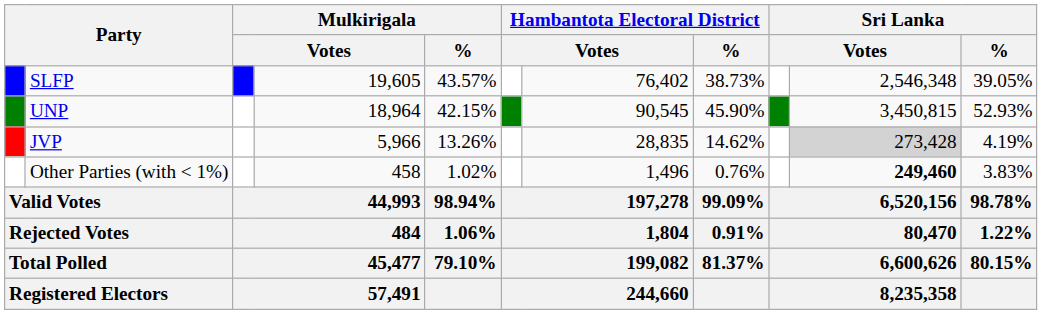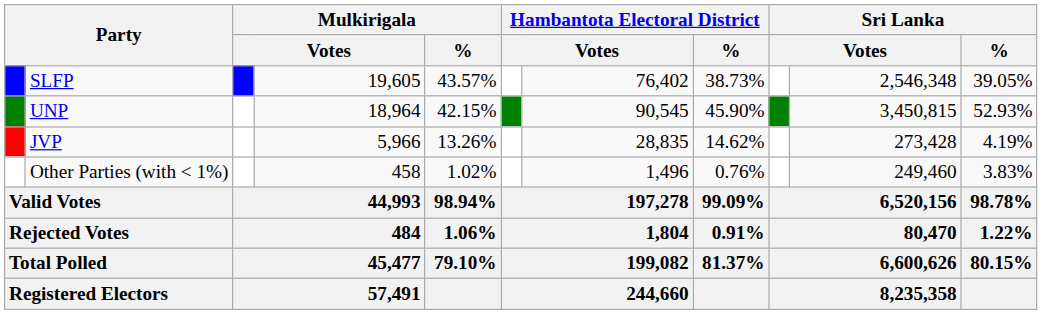 <table class="wikitable">
 <tr>
 <th colspan="2" width="144px"rowspan="2">Party</th>
 <th colspan="3" width="216px">Mulkirigala</th>
 <th colspan="3" width="216px"><a href='#'>Hambantota Electoral District</a></th>
 <th colspan="3" width="216px">Sri Lanka</th>
 </tr>
 <tr>
 <th colspan="2" width="144px">Votes</th>
 <th>%</th>
 <th colspan="2" width="144px">Votes</th>
 <th>%</th>
 <th colspan="2" width="144px">Votes</th>
 <th>%</th>
 </tr>
 <tr>
 <td style="background-color:blue;" width="10px"></td>
 <td style="text-align:left;"><a href='#'>SLFP</a></td>
 <td style="background-color:blue;" width="10px"></td>
 <td style="text-align:right;">19,605</td>
 <td style="text-align:right;">43.57%</td>
 <td style="background-color:white;" width="10px"></td>
 <td style="text-align:right;">76,402</td>
 <td style="text-align:right;">38.73%</td>
 <td style="background-color:white;" width="10px"></td>
 <td style="text-align:right;">2,546,348</td>
 <td style="text-align:right;">39.05%</td>
 </tr>
 <tr>
 <td style="background-color:green;" width="10px"></td>
 <td style="text-align:left;"><a href='#'>UNP</a></td>
 <td style="background-color:white;" width="10px"></td>
 <td style="text-align:right;">18,964</td>
 <td style="text-align:right;">42.15%</td>
 <td style="background-color:green;" width="10px"></td>
 <td style="text-align:right;">90,545</td>
 <td style="text-align:right;">45.90%</td>
 <td style="background-color:green;" width="10px"></td>
 <td style="text-align:right;">3,450,815</td>
 <td style="text-align:right;">52.93%</td>
 </tr>
 <tr>
 <td style="background-color:red;" width="10px"></td>
 <td style="text-align:left;"><a href='#'>JVP</a></td>
 <td style="background-color:white;" width="10px"></td>
 <td style="text-align:right;">5,966</td>
 <td style="text-align:right;">13.26%</td>
 <td style="background-color:white;" width="10px"></td>
 <td style="text-align:right;">28,835</td>
 <td style="text-align:right;">14.62%</td>
 <td style="background-color:white;" width="10px"></td>
-<td style="background: lightgrey; text-align:right;">273,428</td>
+<td style="text-align:right;">273,428</td>
 <td style="text-align:right;">4.19%</td>
 </tr>
 <tr>
 <td style="background-color:white;" width="10px"></td>
 <td style="text-align:left;">Other Parties (with < 1%)</td>
 <td style="background-color:white;" width="10px"></td>
 <td style="text-align:right;">458</td>
 <td style="text-align:right;">1.02%</td>
 <td style="background-color:white;" width="10px"></td>
 <td style="text-align:right;">1,496</td>
 <td style="text-align:right;">0.76%</td>
 <td style="background-color:white;" width="10px"></td>
-<td style="text-align:right;"><strong>249,460</strong></td>
+<td style="text-align:right;">249,460</td>
 <td style="text-align:right;">3.83%</td>
 </tr>
 <tr>
 <th colspan="2" width="144px"style="text-align:left;">Valid Votes</th>
 <th style="text-align:right;"colspan="2" width="144px">44,993</th>
 <th style="text-align:right;">98.94%</th>
 <th style="text-align:right;"colspan="2" width="144px">197,278</th>
 <th style="text-align:right;">99.09%</th>
 <th style="text-align:right;"colspan="2" width="144px">6,520,156</th>
 <th style="text-align:right;">98.78%</th>
 </tr>
 <tr>
 <th colspan="2" width="144px"style="text-align:left;">Rejected Votes</th>
 <th style="text-align:right;"colspan="2" width="144px">484</th>
 <th style="text-align:right;">1.06%</th>
 <th style="text-align:right;"colspan="2" width="144px">1,804</th>
 <th style="text-align:right;">0.91%</th>
 <th style="text-align:right;"colspan="2" width="144px">80,470</th>
 <th style="text-align:right;">1.22%</th>
 </tr>
 <tr>
 <th colspan="2" width="144px"style="text-align:left;">Total Polled</th>
 <th style="text-align:right;"colspan="2" width="144px">45,477</th>
 <th style="text-align:right;">79.10%</th>
 <th style="text-align:right;"colspan="2" width="144px">199,082</th>
 <th style="text-align:right;">81.37%</th>
 <th style="text-align:right;"colspan="2" width="144px">6,600,626</th>
 <th style="text-align:right;">80.15%</th>
 </tr>
 <tr>
 <th colspan="2" width="144px"style="text-align:left;">Registered Electors</th>
 <th style="text-align:right;"colspan="2" width="144px">57,491</th>
 <th></th>
 <th style="text-align:right;"colspan="2" width="144px">244,660</th>
 <th></th>
 <th style="text-align:right;"colspan="2" width="144px">8,235,358</th>
 <th></th>
 </tr>
 </table>
